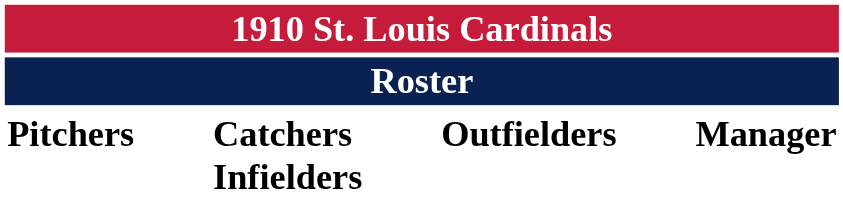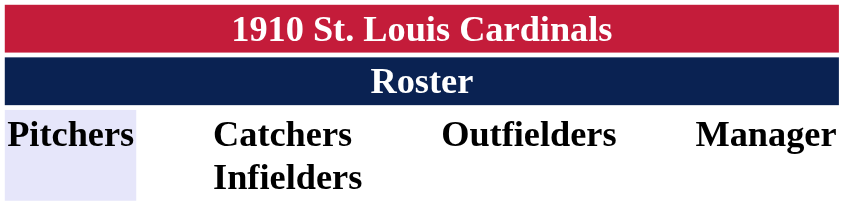 <table class="toccolours" style="font-size: 95%;">
 <tr>
 <th colspan="10" style="background-color: #c41c3a; color: white; text-align: center;">1910 St. Louis Cardinals</th>
 </tr>
 <tr>
 <td colspan="10" style="background-color: #0a2252; color: white; text-align: center;"><strong>Roster</strong></td>
 </tr>
 <tr>
-<td valign="top"><strong>Pitchers</strong><br>                 </td>
+<td valign="top" style="background: lavender;"><strong>Pitchers</strong><br>                 </td>
 <td width="25px"></td>
 <td valign="top"><strong>Catchers</strong><br>    <strong>Infielders</strong>       </td>
 <td width="25px"></td>
 <td valign="top"><strong>Outfielders</strong><br>      </td>
 <td width="25px"></td>
 <td valign="top"><strong>Manager</strong><br></td>
 </tr>
 </table>
